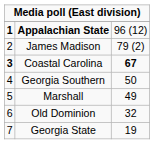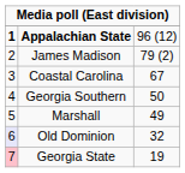 <table class="wikitable" style="display: inline-table;">
 <tr>
 <td align="center" Colspan="3"><strong>Media poll (East division)</strong></td>
 </tr>
 <tr align="center">
 </tr>
 <tr align="center">
 <td><strong>1</strong></td>
 <td><strong>Appalachian State</strong></td>
 <td>96 (12)</td>
 </tr>
 <tr align="center">
 <td>2</td>
 <td>James Madison</td>
 <td>79 (2)</td>
 </tr>
 <tr align="center">
-<td><strong>3</strong></td>
+<td>3</td>
 <td>Coastal Carolina</td>
-<td><strong>67</strong></td>
+<td>67</td>
 </tr>
 <tr align="center">
 <td>4</td>
 <td>Georgia Southern</td>
 <td>50</td>
 </tr>
 <tr align="center">
 <td>5</td>
 <td>Marshall</td>
 <td>49</td>
 </tr>
 <tr align="center">
-<td>6</td>
+<td style="background: lavender;">6</td>
 <td>Old Dominion</td>
 <td>32</td>
 </tr>
 <tr align="center">
-<td>7</td>
+<td style="background: pink;">7</td>
 <td>Georgia State</td>
 <td>19</td>
 </tr>
 </table>
